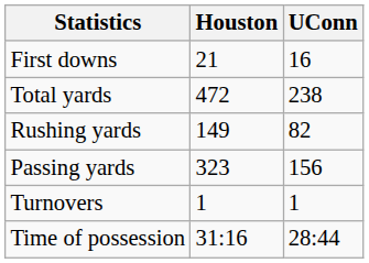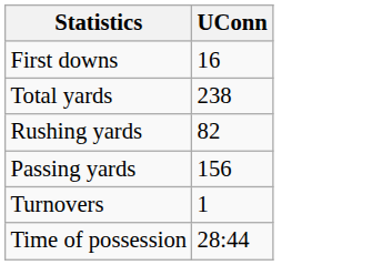 <table class="wikitable">
 <tr>
 <th>Statistics</th>
-<th>Houston</th>
 <th>UConn</th>
 </tr>
 <tr>
 <td>First downs</td>
-<td>21</td>
 <td>16</td>
 </tr>
 <tr>
 <td>Total yards</td>
-<td>472</td>
 <td>238</td>
 </tr>
 <tr>
 <td>Rushing yards</td>
-<td>149</td>
 <td>82</td>
 </tr>
 <tr>
 <td>Passing yards</td>
-<td>323</td>
 <td>156</td>
 </tr>
 <tr>
 <td>Turnovers</td>
 <td>1</td>
-<td>1</td>
 </tr>
 <tr>
 <td>Time of possession</td>
-<td>31:16</td>
 <td>28:44</td>
 </tr>
 </table>
